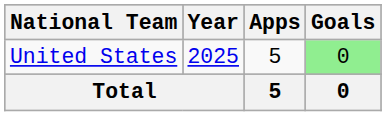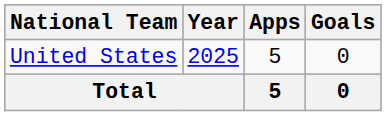 <table class="wikitable" style="text-align:center">
 <tr>
 <th>National Team</th>
 <th>Year</th>
 <th>Apps</th>
 <th>Goals</th>
 </tr>
 <tr>
 <td rowspan=1><a href='#'>United States</a></td>
 <td><a href='#'>2025</a></td>
 <td>5</td>
-<td style="background: lightgreen;">0</td>
+<td>0</td>
 </tr>
 <tr>
 <th colspan=2>Total</th>
 <th>5</th>
 <th>0</th>
 </tr>
 </table>
